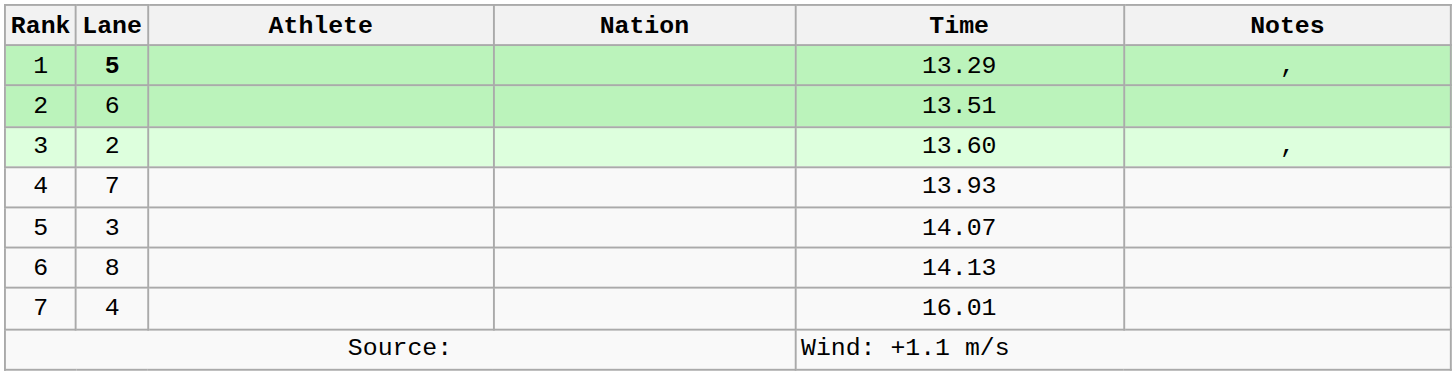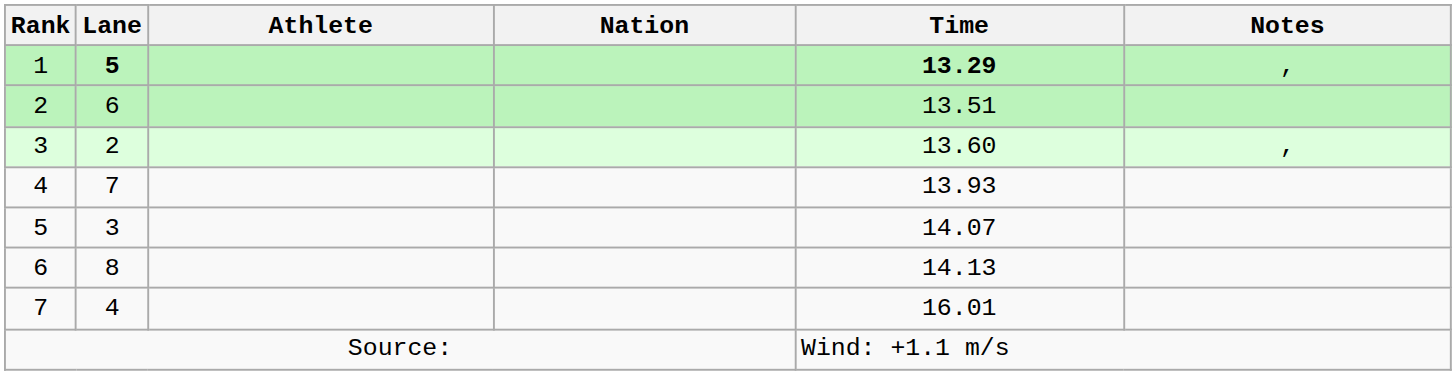 <table class="wikitable sortable" style="text-align:center;width: 60%;">
 <tr>
 <th scope="col" style="width: 10px;">Rank</th>
 <th scope="col" style="width: 10px;">Lane</th>
 <th scope="col">Athlete</th>
 <th scope="col">Nation</th>
 <th scope="col">Time</th>
 <th scope="col">Notes</th>
 </tr>
 <tr bgcolor=bbf3bb>
 <td>1</td>
 <td><strong>5</strong></td>
 <td align=left></td>
 <td align=left></td>
-<td>13.29</td>
+<td><strong>13.29</strong></td>
 <td>, </td>
 </tr>
 <tr bgcolor=bbf3bb>
 <td>2</td>
 <td>6</td>
 <td align=left></td>
 <td align=left></td>
 <td>13.51</td>
 <td></td>
 </tr>
 <tr bgcolor=ddffdd>
 <td>3</td>
 <td>2</td>
 <td align=left></td>
 <td align=left></td>
 <td>13.60</td>
 <td>, </td>
 </tr>
 <tr>
 <td>4</td>
 <td>7</td>
 <td align=left></td>
 <td align=left></td>
 <td>13.93</td>
 <td></td>
 </tr>
 <tr>
 <td>5</td>
 <td>3</td>
 <td align=left></td>
 <td align=left></td>
 <td>14.07</td>
 <td></td>
 </tr>
 <tr>
 <td>6</td>
 <td>8</td>
 <td align=left></td>
 <td align=left></td>
 <td>14.13</td>
 <td></td>
 </tr>
 <tr>
 <td>7</td>
 <td>4</td>
 <td align=left></td>
 <td align=left></td>
 <td>16.01</td>
 <td></td>
 </tr>
 <tr class="sortbottom">
 <td colspan="4">Source:</td>
 <td colspan="2" style="text-align:left;">Wind: +1.1 m/s</td>
 </tr>
 </table>
